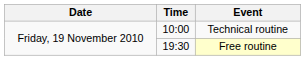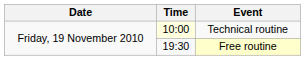 <table class = "wikitable" style="text-align:center;">
 <tr>
 <th width=220>Date</th>
 <th width=50>Time</th>
 <th width=150>Event</th>
 </tr>
 <tr>
 <td rowspan=2>Friday, 19 November 2010</td>
-<td>10:00</td>
+<td style="background: lightyellow;">10:00</td>
 <td>Technical routine</td>
 </tr>
 <tr>
 <td>19:30</td>
 <td bgcolor=ffffcc>Free routine</td>
 </tr>
 </table>
